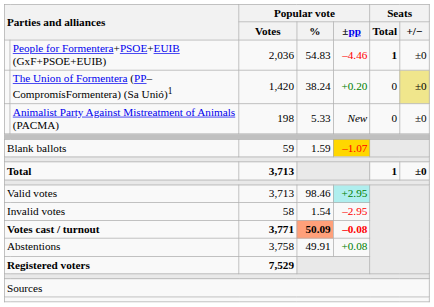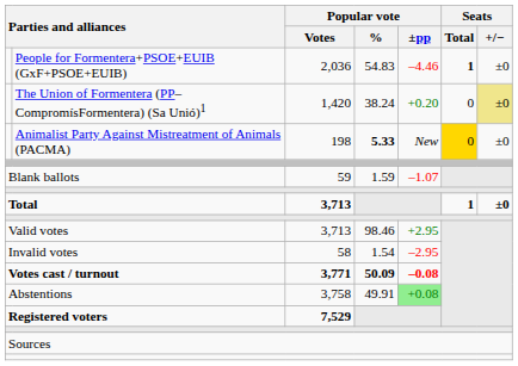 <table class="wikitable" style="text-align:right;">
 <tr>
 <th style="text-align:left;" rowspan="2" colspan="2" width="525">Parties and alliances</th>
 <th colspan="3">Popular vote</th>
 <th colspan="2">Seats</th>
 </tr>
 <tr>
 <th width="75">Votes</th>
 <th width="45">%</th>
 <th width="45">±<a href='#'>pp</a></th>
 <th width="35">Total</th>
 <th width="35">+/−</th>
 </tr>
 <tr>
 <td width="1" style="color:inherit;background:"></td>
 <td align="left"><a href='#'>People for Formentera</a>+<a href='#'>PSOE</a>+<a href='#'>EUIB</a> (GxF+PSOE+EUIB)</td>
 <td>2,036</td>
 <td>54.83</td>
 <td style="color:red;">–4.46</td>
 <td><strong>1</strong></td>
 <td>±0</td>
 </tr>
 <tr>
 <td style="color:inherit;background:"></td>
 <td align="left"><a href='#'>The Union of Formentera</a> (<a href='#'>PP</a>–CompromísFormentera) (Sa Unió)<sup>1</sup></td>
 <td>1,420</td>
 <td>38.24</td>
 <td style="color:green;">+0.20</td>
 <td>0</td>
 <td style="background: khaki;">±0</td>
 </tr>
 <tr>
 <td style="color:inherit;background:"></td>
 <td align="left"><a href='#'>Animalist Party Against Mistreatment of Animals</a> (PACMA)</td>
 <td>198</td>
-<td>5.33</td>
+<td><strong>5.33</strong></td>
 <td><em>New</em></td>
-<td>0</td>
+<td style="background: gold;">0</td>
 <td>±0</td>
 </tr>
 <tr>
 <td colspan="7" bgcolor="#C0C0C0"></td>
 </tr>
 <tr>
 <td align="left" colspan="2">Blank ballots</td>
 <td>59</td>
 <td>1.59</td>
-<td style="background: gold; color:red;">–1.07</td>
+<td style="color:red;">–1.07</td>
 <td bgcolor="#E9E9E9" colspan="2"></td>
 </tr>
 <tr>
 <td colspan="7" bgcolor="#E9E9E9"></td>
 </tr>
 <tr style="font-weight:bold;">
 <td align="left" colspan="2">Total</td>
 <td>3,713</td>
 <td bgcolor="#E9E9E9" colspan="2"></td>
 <td>1</td>
 <td>±0</td>
 </tr>
 <tr>
 <td colspan="7" bgcolor="#E9E9E9"></td>
 </tr>
 <tr>
 <td align="left" colspan="2">Valid votes</td>
 <td>3,713</td>
 <td>98.46</td>
-<td style="background: paleturquoise; color:green;">+2.95</td>
+<td style="color:green;">+2.95</td>
 <td bgcolor="#E9E9E9" colspan="2" rowspan="5"></td>
 </tr>
 <tr>
 <td align="left" colspan="2">Invalid votes</td>
 <td>58</td>
 <td>1.54</td>
 <td style="color:red;">–2.95</td>
 </tr>
 <tr style="font-weight:bold;">
 <td align="left" colspan="2">Votes cast / turnout</td>
 <td>3,771</td>
-<td style="background: lightsalmon;">50.09</td>
+<td>50.09</td>
 <td style="color:red;">–0.08</td>
 </tr>
 <tr>
 <td align="left" colspan="2">Abstentions</td>
 <td>3,758</td>
 <td>49.91</td>
-<td style="color:green;">+0.08</td>
+<td style="background: lightgreen; color:green;">+0.08</td>
 </tr>
 <tr style="font-weight:bold;">
 <td align="left" colspan="2">Registered voters</td>
 <td>7,529</td>
 <td bgcolor="#E9E9E9" colspan="2"></td>
 </tr>
 <tr>
 <td colspan="7" bgcolor="#E9E9E9"></td>
 </tr>
 <tr>
 <td align="left" colspan="7">Sources</td>
 </tr>
 <tr>
 <td colspan="7" style="text-align:left; max-width:790px;"></td>
 </tr>
 </table>
